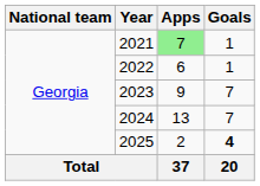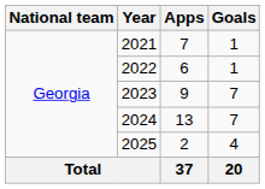 <table class="wikitable" style="text-align:center">
 <tr>
 <th>National team</th>
 <th>Year</th>
 <th>Apps</th>
 <th>Goals</th>
 </tr>
 <tr>
 <td rowspan="5"><a href='#'>Georgia</a></td>
 <td>2021</td>
-<td style="background: lightgreen;">7</td>
+<td>7</td>
 <td>1</td>
 </tr>
 <tr>
 <td>2022</td>
 <td>6</td>
 <td>1</td>
 </tr>
 <tr>
 <td>2023</td>
 <td>9</td>
 <td>7</td>
 </tr>
 <tr>
 <td>2024</td>
 <td>13</td>
 <td>7</td>
 </tr>
 <tr>
 <td>2025</td>
 <td>2</td>
-<td><strong>4</strong></td>
+<td>4</td>
 </tr>
 <tr>
 <th colspan="2">Total</th>
 <th>37</th>
 <th>20</th>
 </tr>
 </table>
